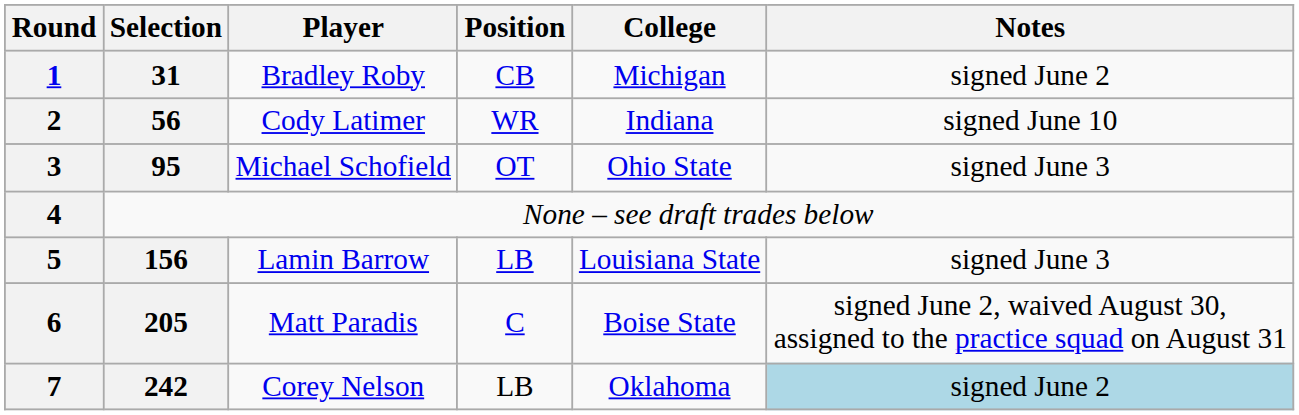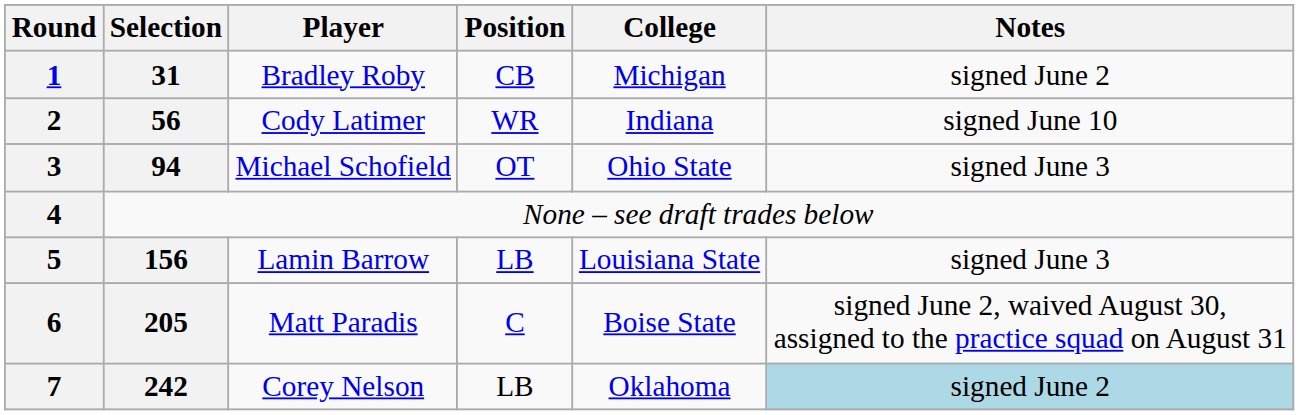 <table class="wikitable" style="text-align:center">
 <tr>
 <th>Round</th>
 <th>Selection</th>
 <th>Player</th>
 <th>Position</th>
 <th>College</th>
 <th>Notes</th>
 </tr>
 <tr>
 <th><a href='#'>1</a></th>
 <th>31</th>
 <td><a href='#'>Bradley Roby</a></td>
 <td><a href='#'>CB</a></td>
 <td><a href='#'>Michigan</a></td>
 <td>signed June 2</td>
 </tr>
 <tr>
 <th>2</th>
 <th>56</th>
 <td><a href='#'>Cody Latimer</a></td>
 <td><a href='#'>WR</a></td>
 <td><a href='#'>Indiana</a></td>
 <td>signed June 10</td>
 </tr>
 <tr>
 <th>3</th>
-<th>95</th>
+<th>94</th>
 <td><a href='#'>Michael Schofield</a></td>
 <td><a href='#'>OT</a></td>
 <td><a href='#'>Ohio State</a></td>
 <td>signed June 3</td>
 </tr>
 <tr>
 <th>4</th>
 <td colspan="5"><em>None – see draft trades below</em></td>
 </tr>
 <tr>
 <th>5</th>
 <th>156</th>
 <td><a href='#'>Lamin Barrow</a></td>
 <td><a href='#'>LB</a></td>
 <td><a href='#'>Louisiana State</a></td>
 <td>signed June 3</td>
 </tr>
 <tr>
 <th>6</th>
 <th>205</th>
 <td><a href='#'>Matt Paradis</a></td>
 <td><a href='#'>C</a></td>
 <td><a href='#'>Boise State</a></td>
 <td>signed June 2, waived August 30,<br>assigned to the <a href='#'>practice squad</a> on August 31</td>
 </tr>
 <tr>
 <th>7</th>
 <th>242</th>
 <td><a href='#'>Corey Nelson</a></td>
 <td>LB</td>
 <td><a href='#'>Oklahoma</a></td>
 <td style="background: lightblue;">signed June 2</td>
 </tr>
 </table>
